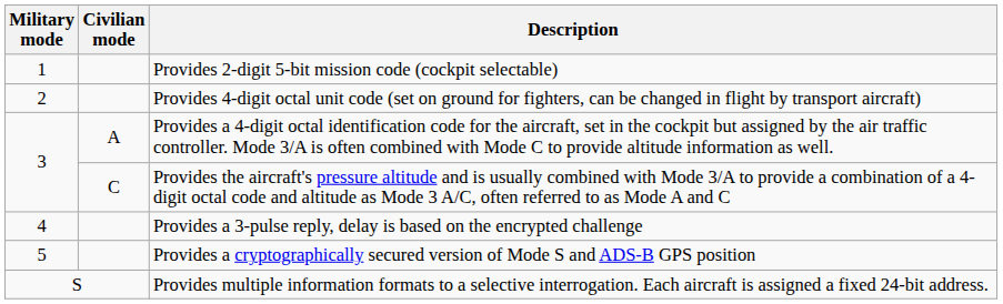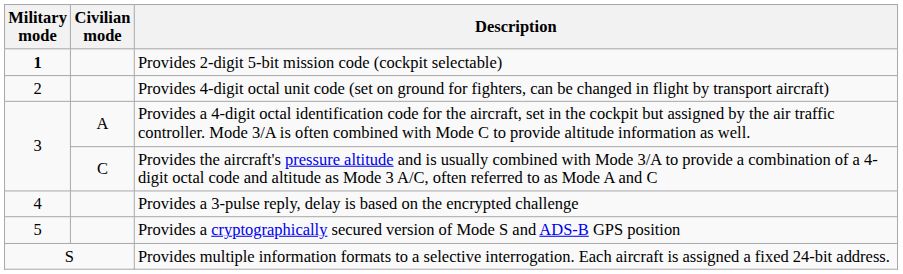 <table class="wikitable">
 <tr>
 <th>Military<br>mode</th>
 <th>Civilian<br>mode</th>
 <th>Description</th>
 </tr>
 <tr>
-<td style="text-align:center">1</td>
+<td style="text-align:center"><strong>1</strong></td>
 <td></td>
 <td>Provides 2-digit 5-bit mission code (cockpit selectable)</td>
 </tr>
 <tr>
 <td style="text-align:center">2</td>
 <td></td>
 <td>Provides 4-digit octal unit code (set on ground for fighters, can be changed in flight by transport aircraft)</td>
 </tr>
 <tr>
 <td rowspan="2" style="text-align:center">3</td>
 <td style="text-align:center">A</td>
 <td>Provides a 4-digit octal identification code for the aircraft, set in the cockpit but assigned by the air traffic controller. Mode 3/A is often combined with Mode C to provide altitude information as well.</td>
 </tr>
 <tr>
 <td style="text-align:center">C</td>
 <td>Provides the aircraft's <a href='#'>pressure altitude</a> and is usually combined with Mode 3/A to provide a combination of a 4-digit octal code and altitude as Mode 3 A/C, often referred to as Mode A and C</td>
 </tr>
 <tr>
 <td style="text-align:center">4</td>
 <td></td>
 <td>Provides a 3-pulse reply, delay is based on the encrypted challenge</td>
 </tr>
 <tr>
 <td style="text-align:center">5</td>
 <td></td>
 <td>Provides a <a href='#'>cryptographically</a> secured version of Mode S and <a href='#'>ADS-B</a> GPS position</td>
 </tr>
 <tr>
 <td colspan="2" style="text-align:center">S</td>
 <td>Provides multiple information formats to a selective interrogation. Each aircraft is assigned a fixed 24-bit address.</td>
 </tr>
 </table>
